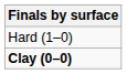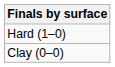 <table class=wikitable style=font-size:90%>
 <tr>
 <th>Finals by surface</th>
 </tr>
 <tr>
 <td>Hard (1–0)</td>
 </tr>
 <tr>
-<td><strong>Clay (0–0)</strong></td>
+<td>Clay (0–0)</td>
 </tr>
 </table>
